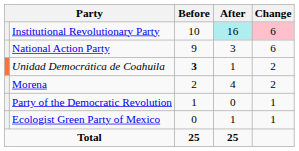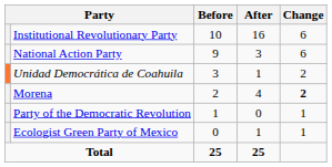 <table class="wikitable" style="text-align:center;">
 <tr>
 <th colspan="2">Party</th>
 <th style="width:3em">Before</th>
 <th style="width:3em">After</th>
 <th style="width:3em">Change</th>
 </tr>
 <tr>
 <th style="background-color:"></th>
 <td style="text-align:left;"><a href='#'>Institutional Revolutionary Party</a></td>
 <td>10</td>
-<td style="background: paleturquoise;">16</td>
-<td style="background: pink;">6</td>
+<td>16</td>
+<td>6</td>
 </tr>
 <tr>
 <th style="background-color:"></th>
 <td style="text-align:left;"><a href='#'>National Action Party</a></td>
 <td>9</td>
 <td>3</td>
 <td>6</td>
 </tr>
 <tr>
 <th style="background-color:#ff7430;"></th>
 <td style="text-align:left;"><em>Unidad Democrática de Coahuila</em></td>
-<td><strong>3</strong></td>
+<td>3</td>
 <td>1</td>
 <td>2</td>
 </tr>
 <tr>
 <th style="background-color:"></th>
 <td style="text-align:left;"><a href='#'>Morena</a></td>
 <td>2</td>
 <td>4</td>
-<td>2</td>
+<td><strong>2</strong></td>
 </tr>
 <tr>
 <th style="background-color:"></th>
 <td style="text-align:left;"><a href='#'>Party of the Democratic Revolution</a></td>
 <td>1</td>
 <td>0</td>
 <td>1</td>
 </tr>
 <tr>
 <th style="background-color:"></th>
 <td style="text-align:left;"><a href='#'>Ecologist Green Party of Mexico</a></td>
 <td>0</td>
 <td>1</td>
 <td>1</td>
 </tr>
 <tr>
 <td colspan="2"><strong>Total</strong></td>
 <td><strong>25</strong></td>
 <td><strong>25</strong></td>
 <td></td>
 </tr>
 </table>
